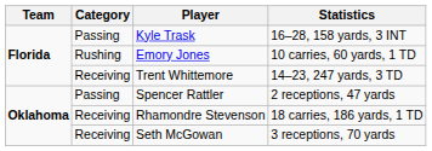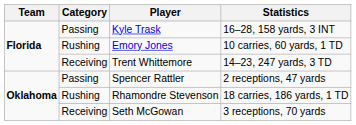 <table class="wikitable" style="float: right;">
 <tr>
 <th>Team</th>
 <th>Category</th>
 <th>Player</th>
 <th>Statistics</th>
 </tr>
 <tr>
 <td rowspan=3><strong>Florida</strong></td>
 <td>Passing</td>
 <td><a href='#'>Kyle Trask</a></td>
 <td>16–28, 158 yards, 3 INT</td>
 </tr>
 <tr>
 <td>Rushing</td>
 <td><a href='#'>Emory Jones</a></td>
 <td>10 carries, 60 yards, 1 TD</td>
 </tr>
 <tr>
 <td>Receiving</td>
 <td>Trent Whittemore</td>
 <td>14–23, 247 yards, 3 TD</td>
 </tr>
 <tr>
 <td rowspan=3><strong>Oklahoma</strong></td>
 <td>Passing</td>
 <td>Spencer Rattler</td>
 <td>2 receptions, 47 yards</td>
 </tr>
 <tr>
-<td>Receiving</td>
+<td>Rushing</td>
 <td>Rhamondre Stevenson</td>
 <td>18 carries, 186 yards, 1 TD</td>
 </tr>
 <tr>
 <td>Receiving</td>
 <td>Seth McGowan</td>
 <td>3 receptions, 70 yards</td>
 </tr>
 </table>
